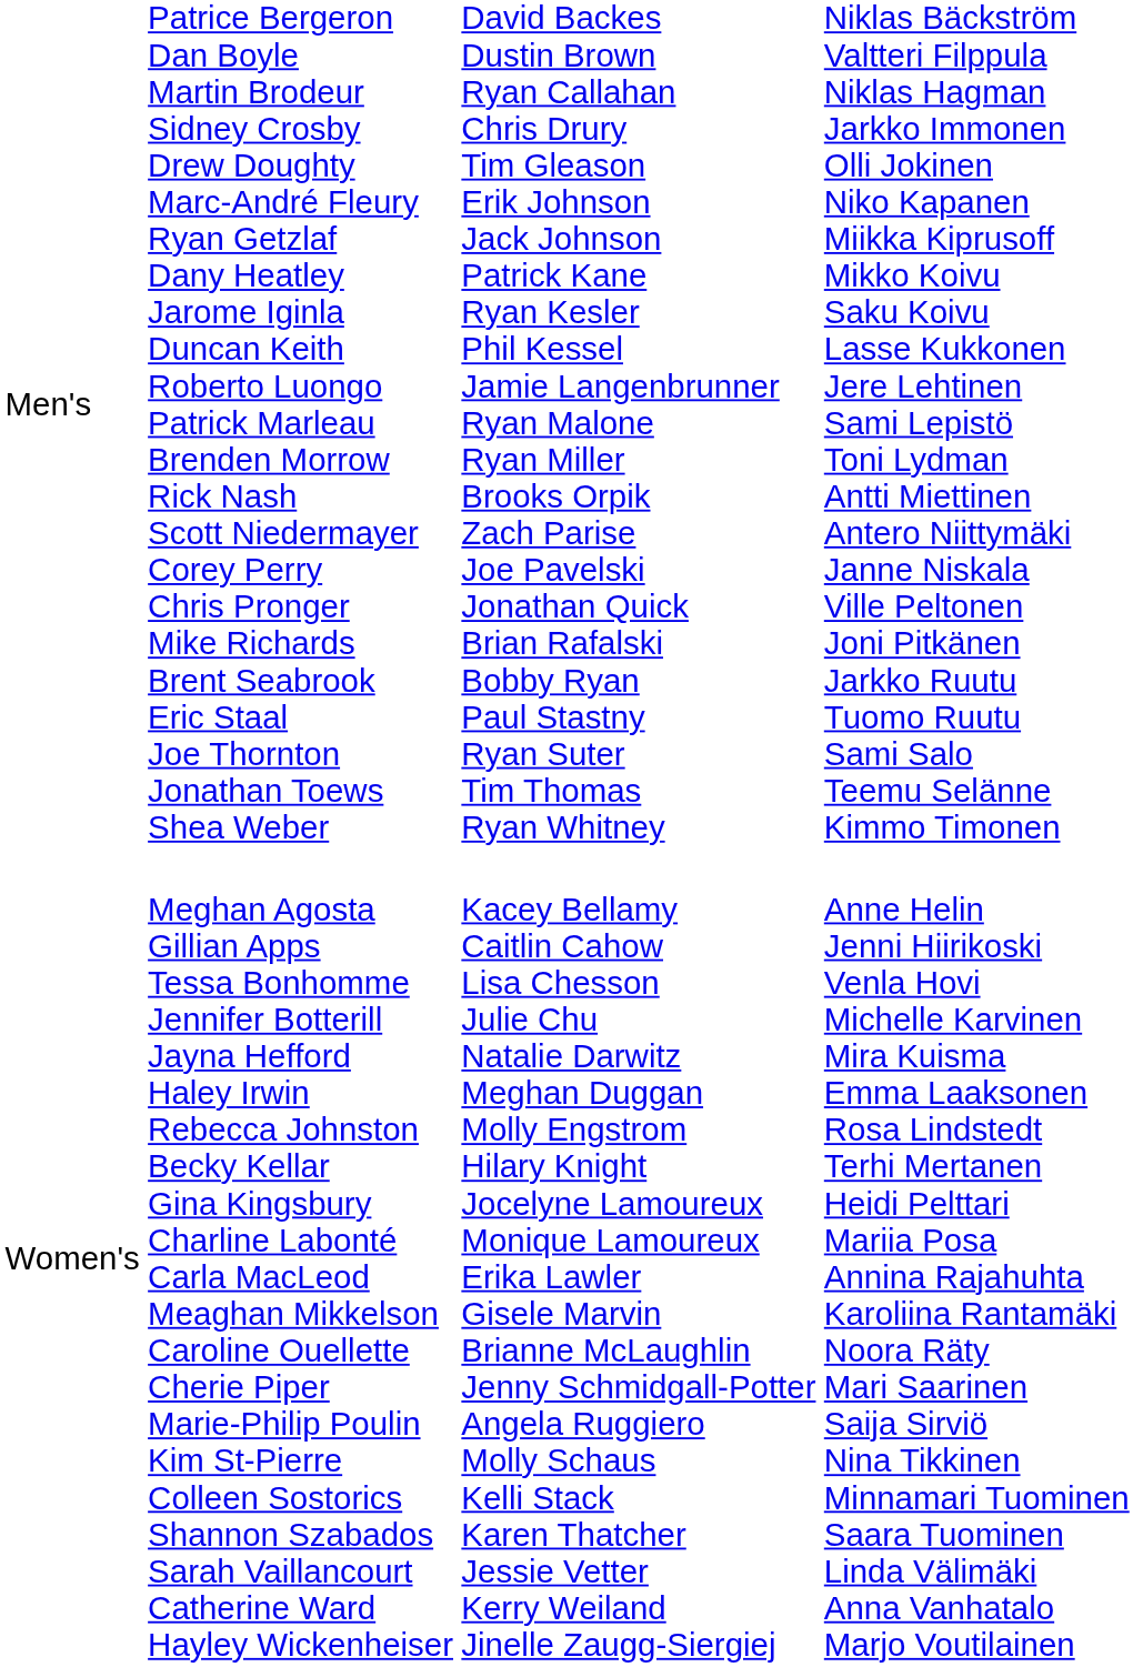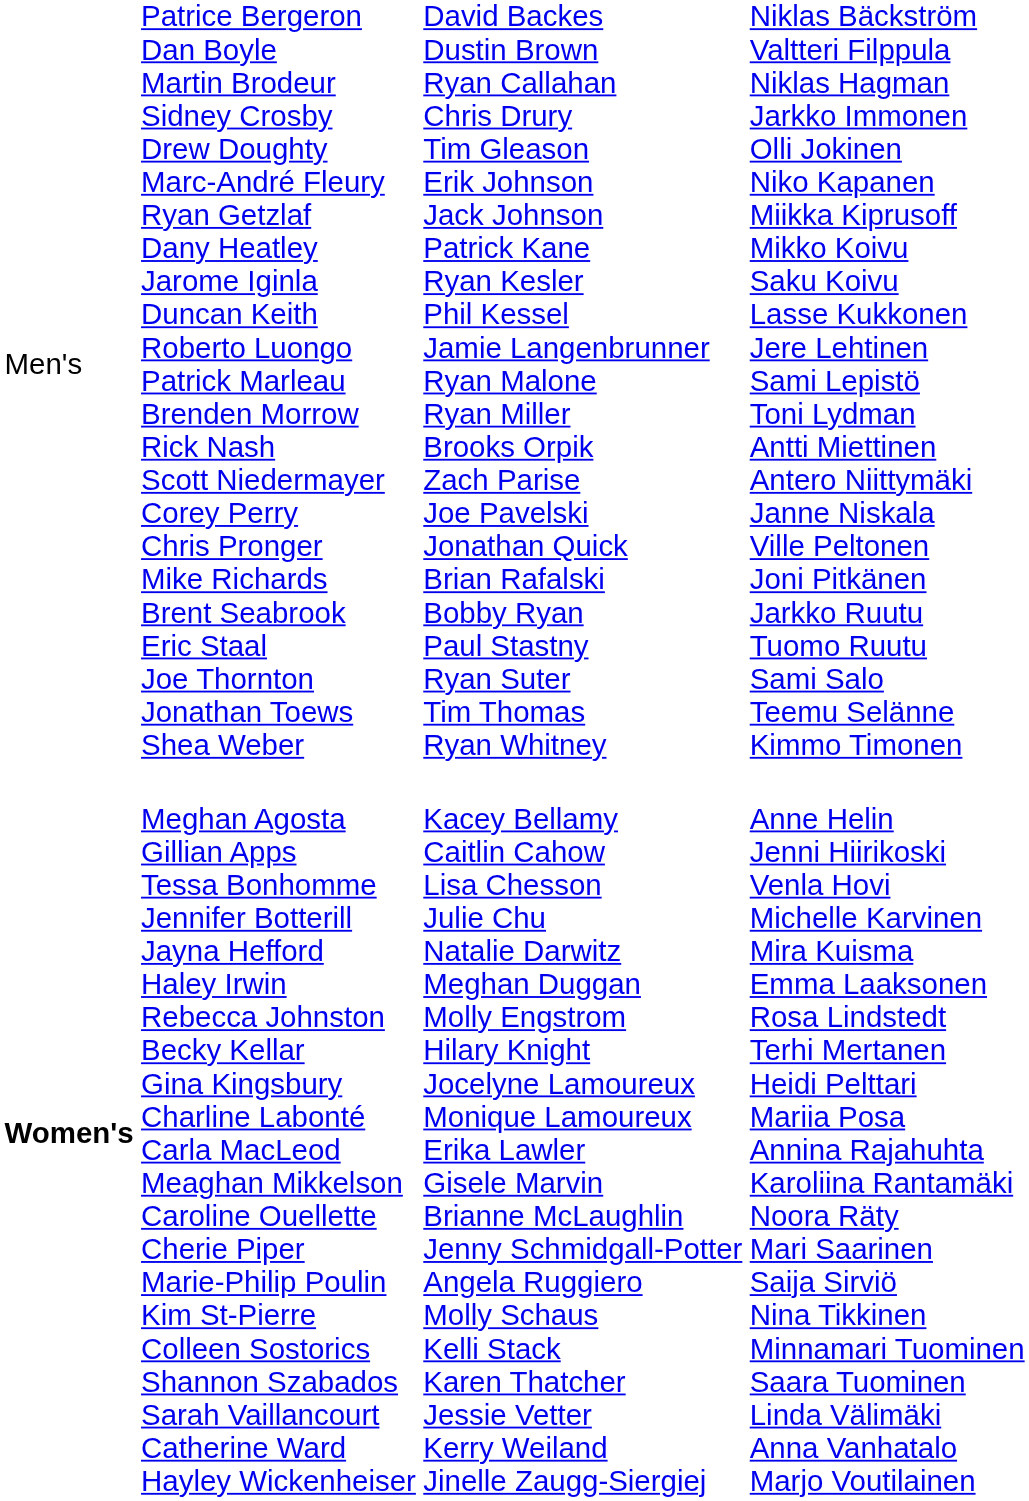 <table>
 <tr>
 <td>Men's<br></td>
 <td><br><a href='#'>Patrice Bergeron</a><br><a href='#'>Dan Boyle</a><br><a href='#'>Martin Brodeur</a><br><a href='#'>Sidney Crosby</a><br><a href='#'>Drew Doughty</a><br><a href='#'>Marc-André Fleury</a><br><a href='#'>Ryan Getzlaf</a><br><a href='#'>Dany Heatley</a><br><a href='#'>Jarome Iginla</a><br><a href='#'>Duncan Keith</a><br><a href='#'>Roberto Luongo</a><br><a href='#'>Patrick Marleau</a><br><a href='#'>Brenden Morrow</a><br><a href='#'>Rick Nash</a><br><a href='#'>Scott Niedermayer</a><br><a href='#'>Corey Perry</a><br><a href='#'>Chris Pronger</a><br><a href='#'>Mike Richards</a><br><a href='#'>Brent Seabrook</a><br><a href='#'>Eric Staal</a><br><a href='#'>Joe Thornton</a><br><a href='#'>Jonathan Toews</a><br><a href='#'>Shea Weber</a></td>
 <td><br><a href='#'>David Backes</a><br><a href='#'>Dustin Brown</a><br><a href='#'>Ryan Callahan</a><br><a href='#'>Chris Drury</a><br><a href='#'>Tim Gleason</a><br><a href='#'>Erik Johnson</a><br><a href='#'>Jack Johnson</a><br><a href='#'>Patrick Kane</a><br><a href='#'>Ryan Kesler</a><br><a href='#'>Phil Kessel</a><br><a href='#'>Jamie Langenbrunner</a><br><a href='#'>Ryan Malone</a><br><a href='#'>Ryan Miller</a><br><a href='#'>Brooks Orpik</a><br><a href='#'>Zach Parise</a><br><a href='#'>Joe Pavelski</a><br><a href='#'>Jonathan Quick</a><br><a href='#'>Brian Rafalski</a><br><a href='#'>Bobby Ryan</a><br><a href='#'>Paul Stastny</a><br><a href='#'>Ryan Suter</a><br><a href='#'>Tim Thomas</a><br><a href='#'>Ryan Whitney</a></td>
 <td><br><a href='#'>Niklas Bäckström</a><br><a href='#'>Valtteri Filppula</a><br><a href='#'>Niklas Hagman</a><br><a href='#'>Jarkko Immonen</a><br><a href='#'>Olli Jokinen</a><br><a href='#'>Niko Kapanen</a><br><a href='#'>Miikka Kiprusoff</a><br><a href='#'>Mikko Koivu</a><br><a href='#'>Saku Koivu</a><br><a href='#'>Lasse Kukkonen</a><br><a href='#'>Jere Lehtinen</a><br><a href='#'>Sami Lepistö</a><br><a href='#'>Toni Lydman</a><br><a href='#'>Antti Miettinen</a><br><a href='#'>Antero Niittymäki</a><br><a href='#'>Janne Niskala</a><br><a href='#'>Ville Peltonen</a><br><a href='#'>Joni Pitkänen</a><br><a href='#'>Jarkko Ruutu</a><br><a href='#'>Tuomo Ruutu</a><br><a href='#'>Sami Salo</a><br><a href='#'>Teemu Selänne</a><br><a href='#'>Kimmo Timonen</a></td>
 </tr>
 <tr>
-<td>Women's<br></td>
+<td><strong>Women's<br></strong></td>
 <td><br><a href='#'>Meghan Agosta</a><br><a href='#'>Gillian Apps</a><br><a href='#'>Tessa Bonhomme</a><br><a href='#'>Jennifer Botterill</a><br><a href='#'>Jayna Hefford</a><br><a href='#'>Haley Irwin</a><br><a href='#'>Rebecca Johnston</a><br><a href='#'>Becky Kellar</a><br><a href='#'>Gina Kingsbury</a><br><a href='#'>Charline Labonté</a><br><a href='#'>Carla MacLeod</a><br><a href='#'>Meaghan Mikkelson</a><br><a href='#'>Caroline Ouellette</a><br><a href='#'>Cherie Piper</a><br><a href='#'>Marie-Philip Poulin</a><br><a href='#'>Kim St-Pierre</a><br><a href='#'>Colleen Sostorics</a><br><a href='#'>Shannon Szabados</a><br><a href='#'>Sarah Vaillancourt</a><br><a href='#'>Catherine Ward</a><br><a href='#'>Hayley Wickenheiser</a></td>
 <td><br><a href='#'>Kacey Bellamy</a><br><a href='#'>Caitlin Cahow</a><br><a href='#'>Lisa Chesson</a><br><a href='#'>Julie Chu</a><br><a href='#'>Natalie Darwitz</a><br><a href='#'>Meghan Duggan</a><br><a href='#'>Molly Engstrom</a><br><a href='#'>Hilary Knight</a><br><a href='#'>Jocelyne Lamoureux</a><br><a href='#'>Monique Lamoureux</a><br><a href='#'>Erika Lawler</a><br><a href='#'>Gisele Marvin</a><br><a href='#'>Brianne McLaughlin</a><br><a href='#'>Jenny Schmidgall-Potter</a><br><a href='#'>Angela Ruggiero</a><br><a href='#'>Molly Schaus</a><br><a href='#'>Kelli Stack</a><br><a href='#'>Karen Thatcher</a><br><a href='#'>Jessie Vetter</a><br><a href='#'>Kerry Weiland</a><br><a href='#'>Jinelle Zaugg-Siergiej</a></td>
 <td><br><a href='#'>Anne Helin</a><br><a href='#'>Jenni Hiirikoski</a><br><a href='#'>Venla Hovi</a><br><a href='#'>Michelle Karvinen</a><br><a href='#'>Mira Kuisma</a><br><a href='#'>Emma Laaksonen</a><br><a href='#'>Rosa Lindstedt</a><br><a href='#'>Terhi Mertanen</a><br><a href='#'>Heidi Pelttari</a><br><a href='#'>Mariia Posa</a><br><a href='#'>Annina Rajahuhta</a><br><a href='#'>Karoliina Rantamäki</a><br><a href='#'>Noora Räty</a><br><a href='#'>Mari Saarinen</a><br><a href='#'>Saija Sirviö</a><br><a href='#'>Nina Tikkinen</a><br><a href='#'>Minnamari Tuominen</a><br><a href='#'>Saara Tuominen</a><br><a href='#'>Linda Välimäki</a><br><a href='#'>Anna Vanhatalo</a><br><a href='#'>Marjo Voutilainen</a></td>
 </tr>
 </table>
